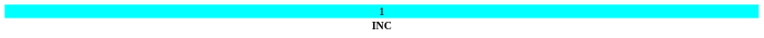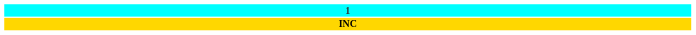 <table style="width:88%; text-align:center;">
 <tr style="color:white;">
 <td style="background:aqua; color:#333; width:100%;"><strong>1</strong></td>
 </tr>
 <tr>
-<td><span><strong>INC</strong></span></td>
+<td style="background: gold;"><span><strong>INC</strong></span></td>
 </tr>
 </table>
